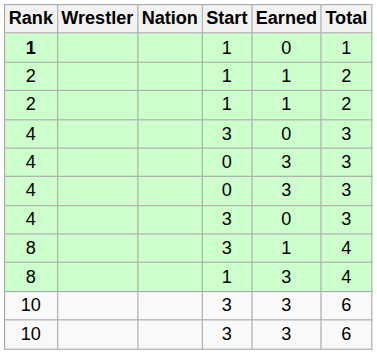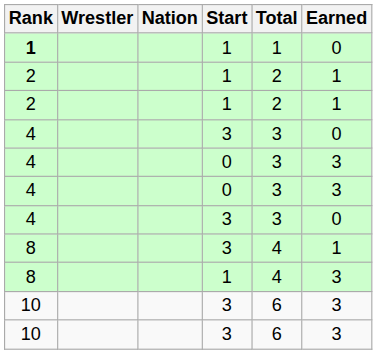 <table class="wikitable sortable" style="text-align:center;">
 <tr>
 <th>Rank</th>
 <th>Wrestler</th>
 <th>Nation</th>
 <th>Start</th>
+<th>Total</th>
 <th>Earned</th>
-<th>Total</th>
 </tr>
 <tr style="background:#cfc;">
 <td><strong>1</strong></td>
 <td align=left></td>
 <td align=left></td>
 <td>1</td>
+<td>1</td>
 <td>0</td>
+</tr>
+<tr style="background:#cfc;">
+<td>2</td>
+<td align=left></td>
+<td align=left></td>
+<td>1</td>
+<td>2</td>
 <td>1</td>
 </tr>
 <tr style="background:#cfc;">
 <td>2</td>
 <td align=left></td>
 <td align=left></td>
 <td>1</td>
+<td>2</td>
 <td>1</td>
-<td>2</td>
-</tr>
-<tr style="background:#cfc;">
-<td>2</td>
-<td align=left></td>
-<td align=left></td>
-<td>1</td>
-<td>1</td>
-<td>2</td>
 </tr>
 <tr style="background:#cfc;">
 <td>4</td>
 <td align=left></td>
 <td align=left></td>
 <td>3</td>
+<td>3</td>
 <td>0</td>
-<td>3</td>
 </tr>
 <tr style="background:#cfc;">
 <td>4</td>
 <td align=left></td>
 <td align=left></td>
 <td>0</td>
 <td>3</td>
 <td>3</td>
 </tr>
 <tr style="background:#cfc;">
 <td>4</td>
 <td align=left></td>
 <td align=left></td>
 <td>0</td>
 <td>3</td>
 <td>3</td>
 </tr>
 <tr style="background:#cfc;">
 <td>4</td>
 <td align=left></td>
 <td align=left></td>
 <td>3</td>
+<td>3</td>
 <td>0</td>
-<td>3</td>
 </tr>
 <tr style="background:#cfc;">
 <td>8</td>
 <td align=left></td>
 <td align=left></td>
 <td>3</td>
+<td>4</td>
 <td>1</td>
-<td>4</td>
 </tr>
 <tr style="background:#cfc;">
 <td>8</td>
 <td align=left></td>
 <td align=left></td>
 <td>1</td>
+<td>4</td>
 <td>3</td>
-<td>4</td>
 </tr>
 <tr>
 <td>10</td>
 <td align=left></td>
 <td align=left></td>
 <td>3</td>
+<td>6</td>
 <td>3</td>
-<td>6</td>
 </tr>
 <tr>
 <td>10</td>
 <td align=left></td>
 <td align=left></td>
 <td>3</td>
+<td>6</td>
 <td>3</td>
-<td>6</td>
 </tr>
 </table>
